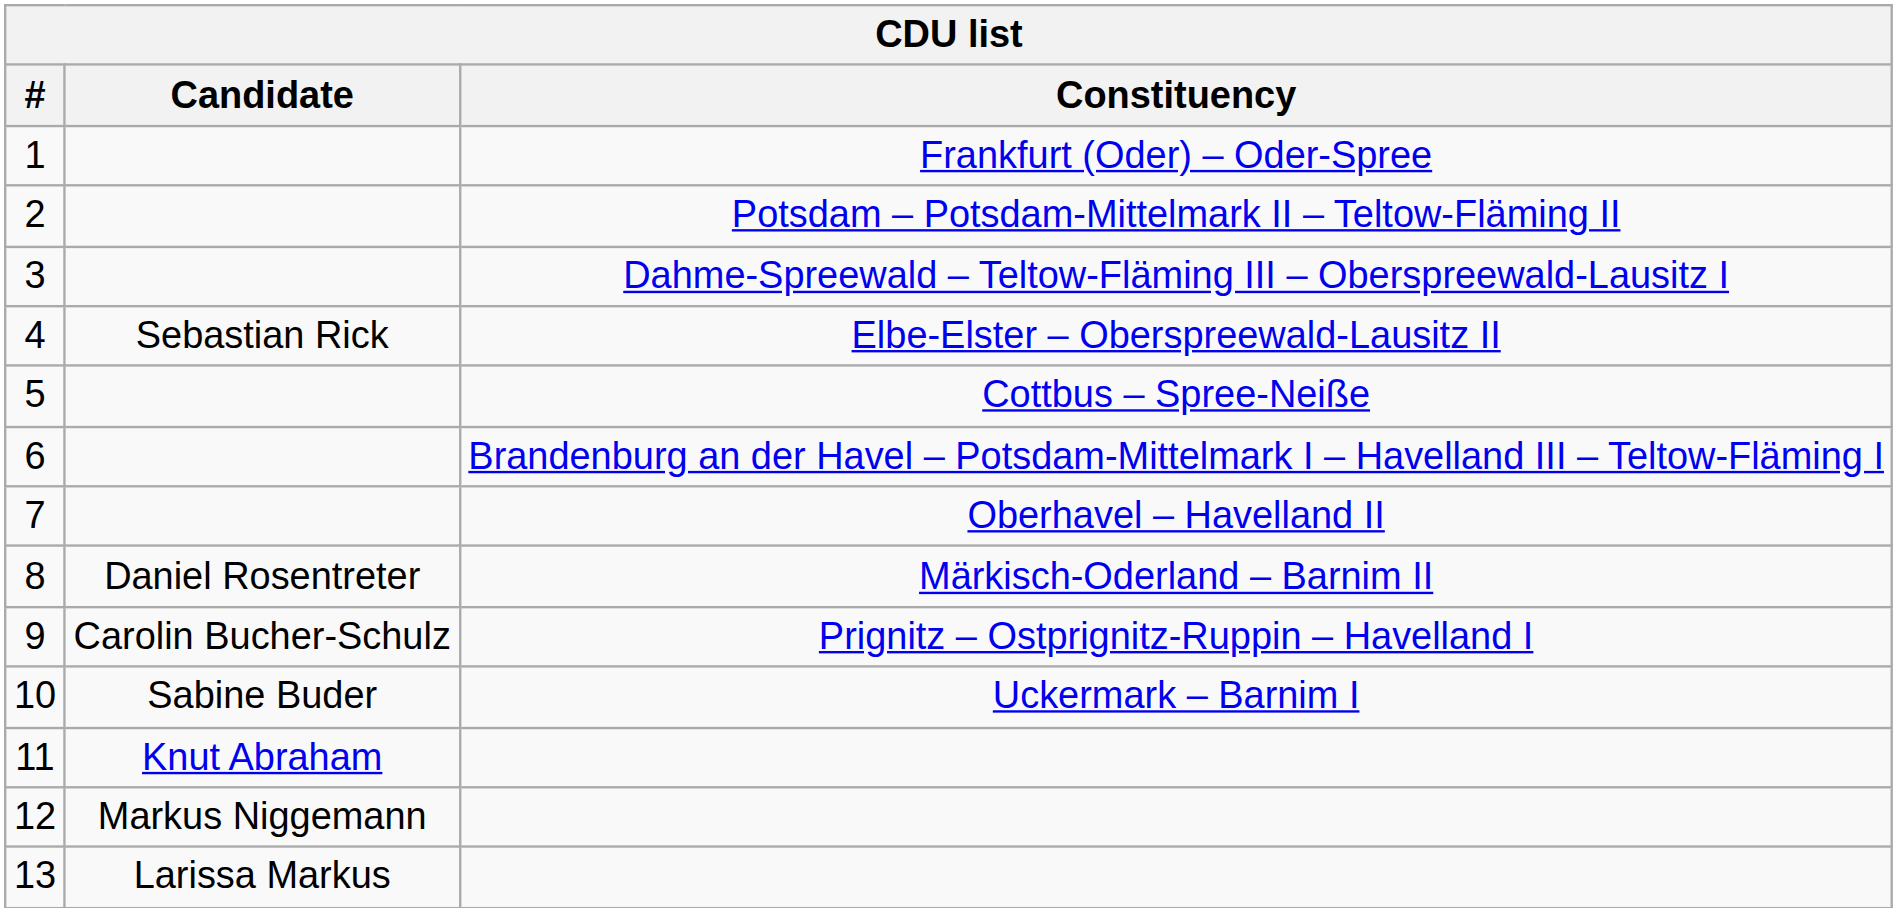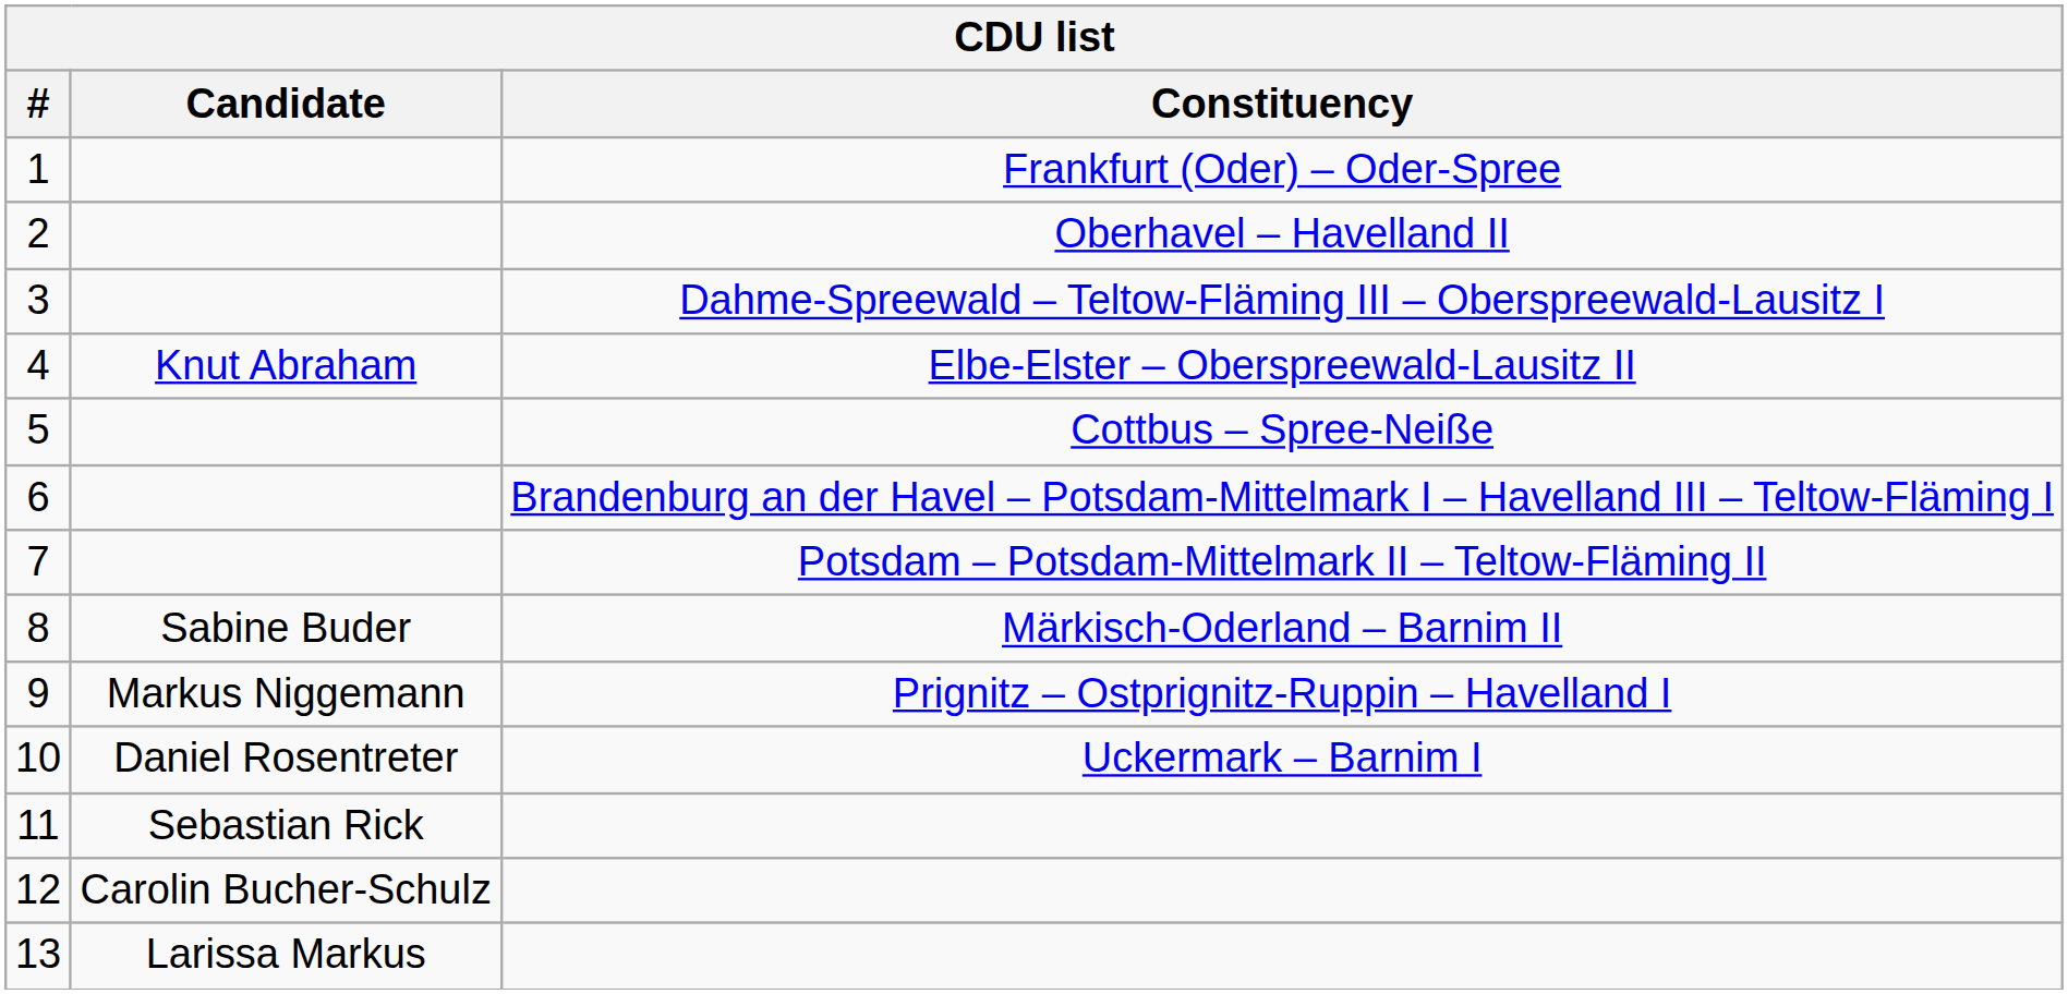 <table class="wikitable mw-collapsible mw-collapsed" style="text-align:center">
 <tr>
 <th colspan=3>CDU list</th>
 </tr>
 <tr>
 <th>#</th>
 <th>Candidate</th>
 <th>Constituency</th>
 </tr>
 <tr>
 <td>1</td>
 <td></td>
 <td><a href='#'>Frankfurt (Oder) – Oder-Spree</a></td>
 </tr>
 <tr>
 <td>2</td>
 <td></td>
-<td><a href='#'>Potsdam – Potsdam-Mittelmark II – Teltow-Fläming II</a></td>
+<td><a href='#'>Oberhavel – Havelland II</a></td>
 </tr>
 <tr>
 <td>3</td>
 <td></td>
 <td><a href='#'>Dahme-Spreewald – Teltow-Fläming III – Oberspreewald-Lausitz I</a></td>
 </tr>
 <tr>
 <td>4</td>
-<td>Sebastian Rick</td>
+<td><a href='#'>Knut Abraham</a></td>
 <td><a href='#'>Elbe-Elster – Oberspreewald-Lausitz II</a></td>
 </tr>
 <tr>
 <td>5</td>
 <td></td>
 <td><a href='#'>Cottbus – Spree-Neiße</a></td>
 </tr>
 <tr>
 <td>6</td>
 <td></td>
 <td><a href='#'>Brandenburg an der Havel – Potsdam-Mittelmark I – Havelland III – Teltow-Fläming I</a></td>
 </tr>
 <tr>
 <td>7</td>
 <td></td>
-<td><a href='#'>Oberhavel – Havelland II</a></td>
+<td><a href='#'>Potsdam – Potsdam-Mittelmark II – Teltow-Fläming II</a></td>
 </tr>
 <tr>
 <td>8</td>
-<td>Daniel Rosentreter</td>
+<td>Sabine Buder</td>
 <td><a href='#'>Märkisch-Oderland – Barnim II</a></td>
 </tr>
 <tr>
 <td>9</td>
-<td>Carolin Bucher-Schulz</td>
+<td>Markus Niggemann</td>
 <td><a href='#'>Prignitz – Ostprignitz-Ruppin – Havelland I</a></td>
 </tr>
 <tr>
 <td>10</td>
-<td>Sabine Buder</td>
+<td>Daniel Rosentreter</td>
 <td><a href='#'>Uckermark – Barnim I</a></td>
 </tr>
 <tr>
 <td>11</td>
-<td><a href='#'>Knut Abraham</a></td>
+<td>Sebastian Rick</td>
 <td></td>
 </tr>
 <tr>
 <td>12</td>
-<td>Markus Niggemann</td>
+<td>Carolin Bucher-Schulz</td>
 <td></td>
 </tr>
 <tr>
 <td>13</td>
 <td>Larissa Markus</td>
 <td></td>
 </tr>
 </table>
